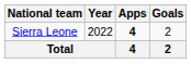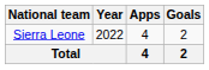 <table class="wikitable" style="text-align:center">
 <tr>
 <th>National team</th>
 <th>Year</th>
 <th>Apps</th>
 <th>Goals</th>
 </tr>
 <tr>
 <td rowspan="1"><a href='#'>Sierra Leone</a></td>
 <td>2022</td>
-<td><strong>4</strong></td>
+<td>4</td>
 <td>2</td>
 </tr>
 <tr>
 <th colspan="2">Total</th>
 <th>4</th>
 <th>2</th>
 </tr>
 </table>
